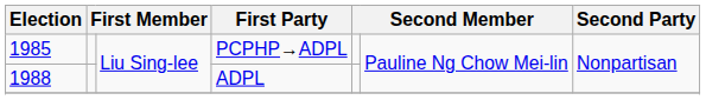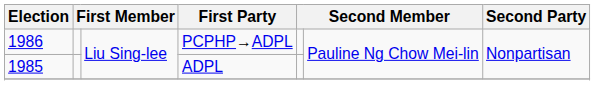 <table class="wikitable">
 <tr>
 <th>Election</th>
 <th colspan="2">First Member</th>
 <th>First Party</th>
 <th colspan="2">Second Member</th>
 <th>Second Party</th>
 </tr>
 <tr>
-<td><a href='#'>1985</a></td>
+<td><a href='#'>1986</a></td>
 <td style="background-color:"></td>
 <td rowspan=2><a href='#'>Liu Sing-lee</a></td>
 <td><a href='#'>PCPHP</a>→<a href='#'>ADPL</a></td>
 <td style="background-color: "></td>
 <td rowspan=2><a href='#'>Pauline Ng Chow Mei-lin</a></td>
 <td rowspan=2><a href='#'>Nonpartisan</a></td>
 </tr>
 <tr>
-<td><a href='#'>1988</a></td>
+<td><a href='#'>1985</a></td>
 <td style="background-color:"></td>
 <td><a href='#'>ADPL</a></td>
 <td style="background-color: "></td>
 </tr>
 <tr>
 </tr>
 <tr>
 </tr>
 </table>
